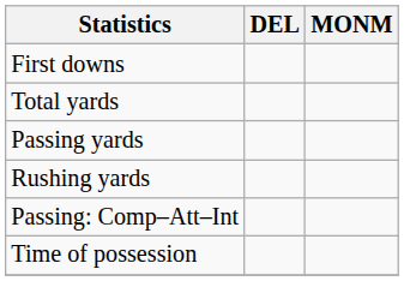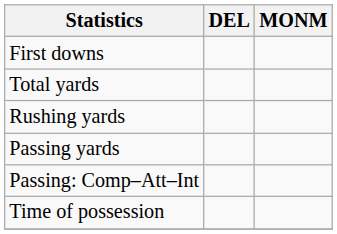 <table class="wikitable" style="float: left;">
 <tr>
 <th>Statistics</th>
 <th>DEL</th>
 <th>MONM</th>
 </tr>
 <tr>
 <td>First downs</td>
 <td></td>
 <td></td>
 </tr>
 <tr>
 <td>Total yards</td>
 <td></td>
 <td></td>
 </tr>
 <tr>
-<td>Passing yards</td>
+<td>Rushing yards</td>
 <td></td>
 <td></td>
 </tr>
 <tr>
-<td>Rushing yards</td>
+<td>Passing yards</td>
 <td></td>
 <td></td>
 </tr>
 <tr>
 <td>Passing: Comp–Att–Int</td>
 <td></td>
 <td></td>
 </tr>
 <tr>
 <td>Time of possession</td>
 <td></td>
 <td></td>
 </tr>
 <tr>
 </tr>
 </table>
